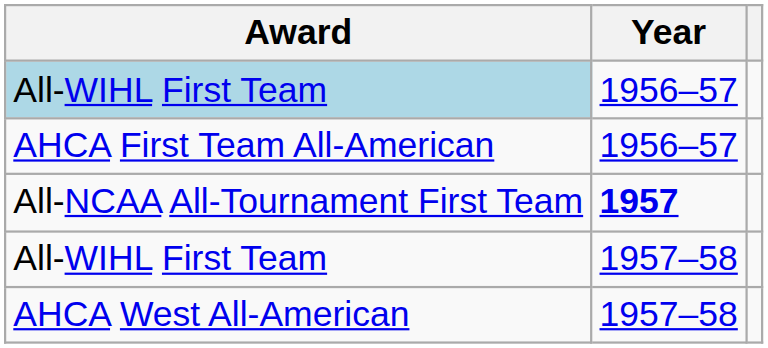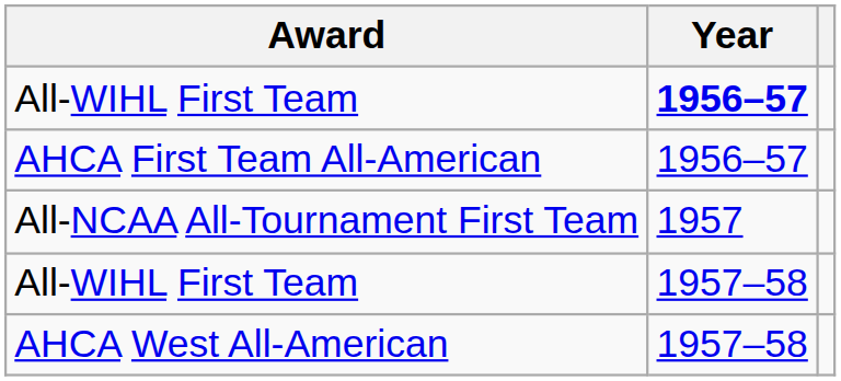 <table class="wikitable">
 <tr>
 <th>Award</th>
 <th>Year</th>
 <th></th>
 </tr>
 <tr>
-<td style="background: lightblue;">All-<a href='#'>WIHL</a> <a href='#'>First Team</a></td>
-<td><a href='#'>1956–57</a></td>
+<td>All-<a href='#'>WIHL</a> <a href='#'>First Team</a></td>
+<td><strong><a href='#'>1956–57</a></strong></td>
 <td></td>
 </tr>
 <tr>
 <td><a href='#'>AHCA</a> <a href='#'>First Team All-American</a></td>
 <td><a href='#'>1956–57</a></td>
 <td></td>
 </tr>
 <tr>
 <td>All-<a href='#'>NCAA</a> <a href='#'>All-Tournament First Team</a></td>
-<td><strong><a href='#'>1957</a></strong></td>
+<td><a href='#'>1957</a></td>
 <td></td>
 </tr>
 <tr>
 <td>All-<a href='#'>WIHL</a> <a href='#'>First Team</a></td>
 <td><a href='#'>1957–58</a></td>
 <td></td>
 </tr>
 <tr>
 <td><a href='#'>AHCA</a> <a href='#'>West All-American</a></td>
 <td><a href='#'>1957–58</a></td>
 <td></td>
 </tr>
 </table>
